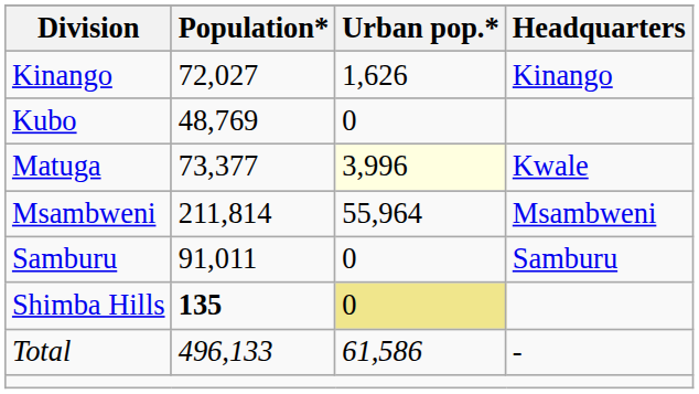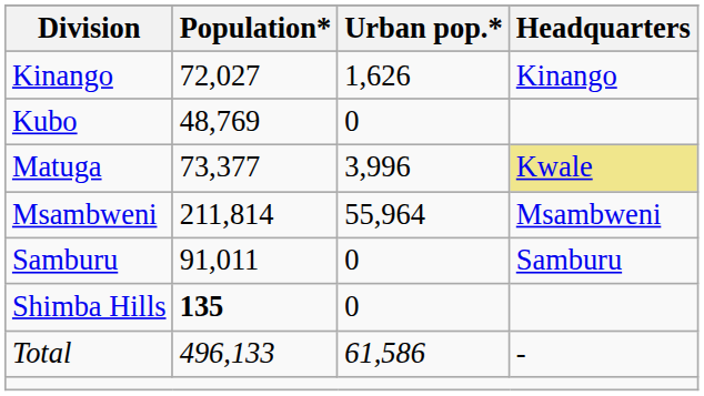 <table class="wikitable">
 <tr>
 </tr>
 <tr>
 <th>Division</th>
 <th>Population*</th>
 <th>Urban pop.*</th>
 <th>Headquarters</th>
 </tr>
 <tr>
 <td><a href='#'>Kinango</a></td>
 <td>72,027</td>
 <td>1,626</td>
 <td><a href='#'>Kinango</a></td>
 </tr>
 <tr>
 <td><a href='#'>Kubo</a></td>
 <td>48,769</td>
 <td>0</td>
 <td></td>
 </tr>
 <tr>
 <td><a href='#'>Matuga</a></td>
 <td>73,377</td>
-<td style="background: lightyellow;">3,996</td>
-<td><a href='#'>Kwale</a></td>
+<td>3,996</td>
+<td style="background: khaki;"><a href='#'>Kwale</a></td>
 </tr>
 <tr>
 <td><a href='#'>Msambweni</a></td>
 <td>211,814</td>
 <td>55,964</td>
 <td><a href='#'>Msambweni</a></td>
 </tr>
 <tr>
 <td><a href='#'>Samburu</a></td>
 <td>91,011</td>
 <td>0</td>
 <td><a href='#'>Samburu</a></td>
 </tr>
 <tr>
 <td><a href='#'>Shimba Hills</a></td>
 <td><strong>135</strong></td>
-<td style="background: khaki;">0</td>
+<td>0</td>
 <td></td>
 </tr>
 <tr>
 <td><em>Total</em></td>
 <td><em>496,133</em></td>
 <td><em>61,586</em></td>
 <td>-</td>
 </tr>
 <tr>
 <td colspan=4></td>
 </tr>
 </table>
